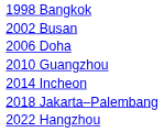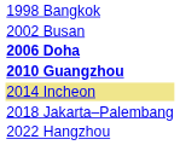 <table>
 <tr>
 <td><a href='#'>1998 Bangkok</a></td>
 <td></td>
 <td></td>
 <td></td>
 </tr>
 <tr>
 <td><a href='#'>2002 Busan</a></td>
 <td></td>
 <td></td>
 <td></td>
 </tr>
 <tr>
-<td><a href='#'>2006 Doha</a></td>
+<td><strong><a href='#'>2006 Doha</a></strong></td>
 <td></td>
 <td></td>
 <td></td>
 </tr>
 <tr>
-<td><a href='#'>2010 Guangzhou</a></td>
+<td><strong><a href='#'>2010 Guangzhou</a></strong></td>
 <td></td>
 <td></td>
 <td></td>
 </tr>
 <tr>
-<td><a href='#'>2014 Incheon</a></td>
+<td style="background: khaki;"><a href='#'>2014 Incheon</a></td>
 <td></td>
 <td></td>
 <td></td>
 </tr>
 <tr>
 <td><a href='#'>2018 Jakarta–Palembang</a></td>
 <td></td>
 <td></td>
 <td></td>
 </tr>
 <tr>
 <td><a href='#'>2022 Hangzhou</a></td>
 <td></td>
 <td></td>
 <td></td>
 </tr>
 </table>
